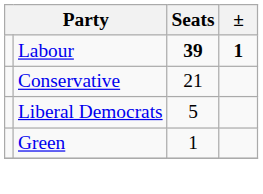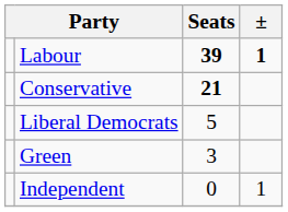 <table class="sortable wikitable">
 <tr>
 <th colspan="2">Party</th>
 <th>Seats</th>
 <th>  ±  </th>
 </tr>
 <tr>
 <td style="background-color: "></td>
 <td><a href='#'>Labour</a></td>
 <td align="center"><strong>39</strong></td>
 <td align="center"><strong>1</strong></td>
 </tr>
 <tr>
 <td style="background-color: "></td>
 <td><a href='#'>Conservative</a></td>
-<td align="center">21</td>
+<td align="center"><strong>21</strong></td>
 <td align="center"></td>
 </tr>
 <tr>
 <td style="background-color: "></td>
 <td><a href='#'>Liberal Democrats</a></td>
 <td align="center">5</td>
 <td align="center"></td>
 </tr>
 <tr>
 <td style="background-color: "></td>
 <td><a href='#'>Green</a></td>
+<td align="center">3</td>
+<td align="center"></td>
+</tr>
+<tr>
+<td style="background-color: "></td>
+<td><a href='#'>Independent</a></td>
+<td align="center">0</td>
 <td align="center">1</td>
-<td align="center"></td>
 </tr>
 <tr>
 </tr>
 </table>
